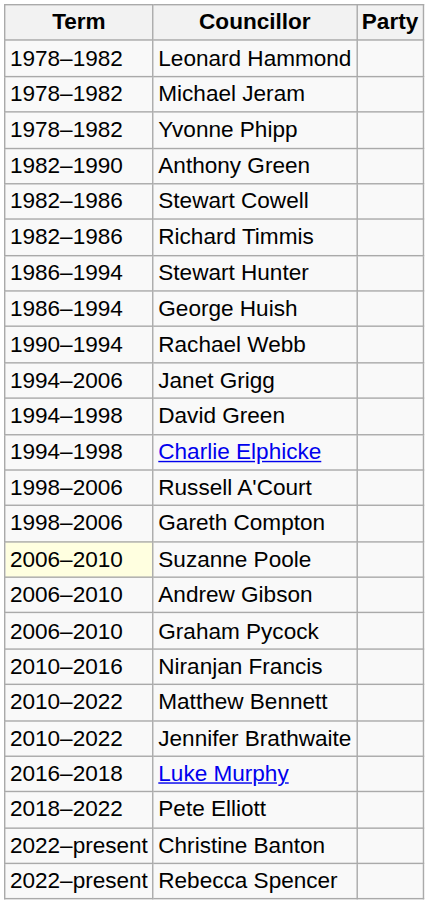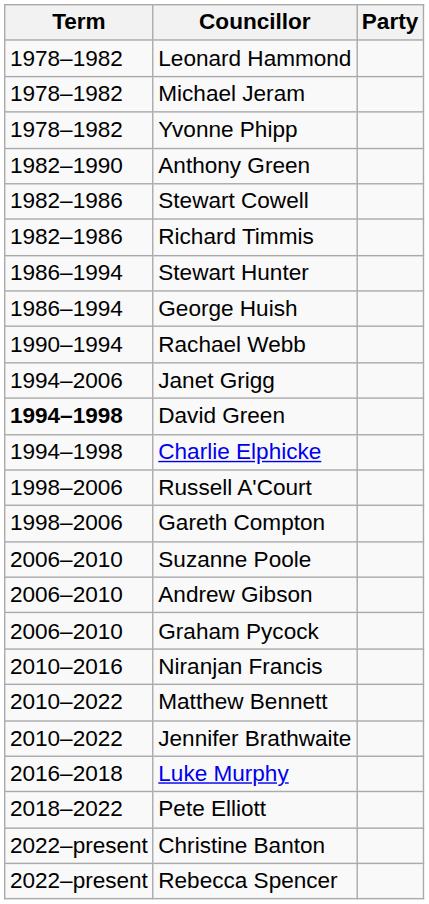 <table class="wikitable">
 <tr>
 <th>Term</th>
 <th>Councillor</th>
 <th colspan=2>Party</th>
 </tr>
 <tr>
 <td>1978–1982</td>
 <td>Leonard Hammond</td>
 <td></td>
 </tr>
 <tr>
 <td>1978–1982</td>
 <td>Michael Jeram</td>
 <td></td>
 </tr>
 <tr>
 <td>1978–1982</td>
 <td>Yvonne Phipp</td>
 <td></td>
 </tr>
 <tr>
 <td>1982–1990</td>
 <td>Anthony Green</td>
 <td></td>
 </tr>
 <tr>
 <td>1982–1986</td>
 <td>Stewart Cowell</td>
 <td></td>
 </tr>
 <tr>
 <td>1982–1986</td>
 <td>Richard Timmis</td>
 <td></td>
 </tr>
 <tr>
 <td>1986–1994</td>
 <td>Stewart Hunter</td>
 <td></td>
 </tr>
 <tr>
 <td>1986–1994</td>
 <td>George Huish</td>
 <td></td>
 </tr>
 <tr>
 <td>1990–1994</td>
 <td>Rachael Webb</td>
 <td></td>
 </tr>
 <tr>
 <td>1994–2006</td>
 <td>Janet Grigg</td>
 <td></td>
 </tr>
 <tr>
-<td>1994–1998</td>
+<td><strong>1994–1998</strong></td>
 <td>David Green</td>
 <td></td>
 </tr>
 <tr>
 <td>1994–1998</td>
 <td><a href='#'>Charlie Elphicke</a></td>
 <td></td>
 </tr>
 <tr>
 <td>1998–2006</td>
 <td>Russell A'Court</td>
 <td></td>
 </tr>
 <tr>
 <td>1998–2006</td>
 <td>Gareth Compton</td>
 <td></td>
 </tr>
 <tr>
-<td style="background: lightyellow;">2006–2010</td>
+<td>2006–2010</td>
 <td>Suzanne Poole</td>
 <td></td>
 </tr>
 <tr>
 <td>2006–2010</td>
 <td>Andrew Gibson</td>
 <td></td>
 </tr>
 <tr>
 <td>2006–2010</td>
 <td>Graham Pycock</td>
 <td></td>
 </tr>
 <tr>
 <td>2010–2016</td>
 <td>Niranjan Francis</td>
 <td></td>
 </tr>
 <tr>
 <td>2010–2022</td>
 <td>Matthew Bennett</td>
 <td></td>
 </tr>
 <tr>
 <td>2010–2022</td>
 <td>Jennifer Brathwaite</td>
 <td></td>
 </tr>
 <tr>
 <td>2016–2018</td>
 <td><a href='#'>Luke Murphy</a></td>
 <td></td>
 </tr>
 <tr>
 <td>2018–2022</td>
 <td>Pete Elliott</td>
 <td></td>
 </tr>
 <tr>
 <td>2022–present</td>
 <td>Christine Banton</td>
 <td></td>
 </tr>
 <tr>
 <td>2022–present</td>
 <td>Rebecca Spencer</td>
 <td></td>
 </tr>
 </table>
